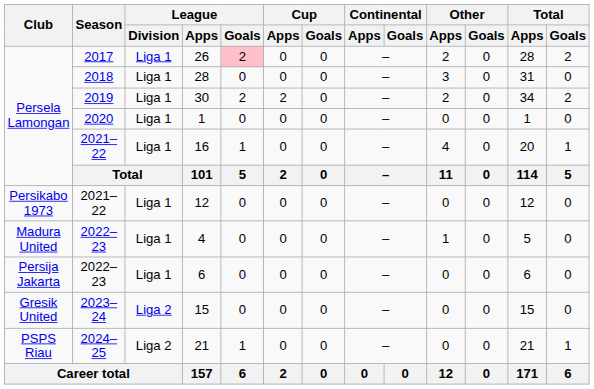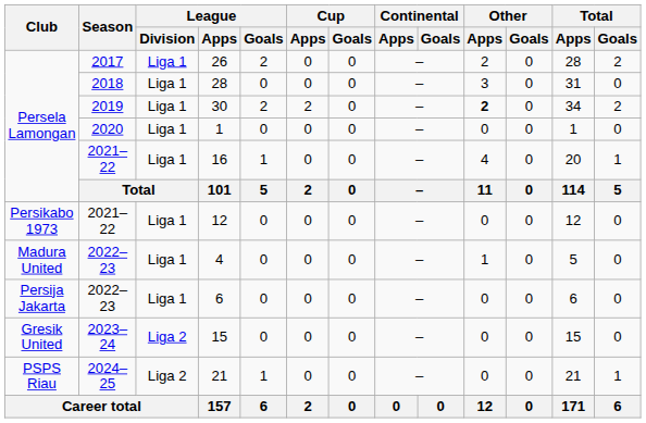 <table class="wikitable" style="text-align:center">
 <tr>
 <th rowspan="2">Club</th>
 <th rowspan="2">Season</th>
 <th colspan="3">League</th>
 <th colspan="2">Cup</th>
 <th colspan="2">Continental</th>
 <th colspan="2">Other</th>
 <th colspan="2">Total</th>
 </tr>
 <tr>
 <th>Division</th>
 <th>Apps</th>
 <th>Goals</th>
 <th>Apps</th>
 <th>Goals</th>
 <th>Apps</th>
 <th>Goals</th>
 <th>Apps</th>
 <th>Goals</th>
 <th>Apps</th>
 <th>Goals</th>
 </tr>
 <tr>
 <td rowspan="6" valign="center"><a href='#'>Persela Lamongan</a></td>
 <td><a href='#'>2017</a></td>
 <td rowspan="1" valign="center"><a href='#'>Liga 1</a></td>
 <td>26</td>
-<td style="background: pink;">2</td>
+<td>2</td>
 <td>0</td>
 <td>0</td>
 <td colspan="2">–</td>
 <td>2</td>
 <td>0</td>
 <td>28</td>
 <td>2</td>
 </tr>
 <tr>
 <td><a href='#'>2018</a></td>
 <td rowspan="1" valign="center">Liga 1</td>
 <td>28</td>
 <td>0</td>
 <td>0</td>
 <td>0</td>
 <td colspan="2">–</td>
 <td>3</td>
 <td>0</td>
 <td>31</td>
 <td>0</td>
 </tr>
 <tr>
 <td><a href='#'>2019</a></td>
 <td rowspan="1" valign="center">Liga 1</td>
 <td>30</td>
 <td>2</td>
 <td>2</td>
 <td>0</td>
 <td colspan="2">–</td>
-<td>2</td>
+<td><strong>2</strong></td>
 <td>0</td>
 <td>34</td>
 <td>2</td>
 </tr>
 <tr>
 <td><a href='#'>2020</a></td>
 <td rowspan="1" valign="center">Liga 1</td>
 <td>1</td>
 <td>0</td>
 <td>0</td>
 <td>0</td>
 <td colspan="2">–</td>
 <td>0</td>
 <td>0</td>
 <td>1</td>
 <td>0</td>
 </tr>
 <tr>
 <td><a href='#'>2021–22</a></td>
 <td rowspan="1" valign="center">Liga 1</td>
 <td>16</td>
 <td>1</td>
 <td>0</td>
 <td>0</td>
 <td colspan="2">–</td>
 <td>4</td>
 <td>0</td>
 <td>20</td>
 <td>1</td>
 </tr>
 <tr>
 <th colspan="2">Total</th>
 <th>101</th>
 <th>5</th>
 <th>2</th>
 <th>0</th>
 <th colspan="2">–</th>
 <th>11</th>
 <th>0</th>
 <th>114</th>
 <th>5</th>
 </tr>
 <tr>
 <td rowspan="1" valign="center"><a href='#'>Persikabo 1973</a></td>
 <td>2021–22</td>
 <td rowspan="1" valign="center">Liga 1</td>
 <td>12</td>
 <td>0</td>
 <td>0</td>
 <td>0</td>
 <td colspan="2">–</td>
 <td>0</td>
 <td>0</td>
 <td>12</td>
 <td>0</td>
 </tr>
 <tr>
 <td rowspan="1"><a href='#'>Madura United</a></td>
 <td><a href='#'>2022–23</a></td>
 <td rowspan="1">Liga 1</td>
 <td>4</td>
 <td>0</td>
 <td>0</td>
 <td>0</td>
 <td colspan="2">–</td>
 <td>1</td>
 <td>0</td>
 <td>5</td>
 <td>0</td>
 </tr>
 <tr>
 <td rowspan="1"><a href='#'>Persija Jakarta</a></td>
 <td>2022–23</td>
 <td rowspan="1" valign="center">Liga 1</td>
 <td>6</td>
 <td>0</td>
 <td>0</td>
 <td>0</td>
 <td colspan=2>–</td>
 <td>0</td>
 <td>0</td>
 <td>6</td>
 <td>0</td>
 </tr>
 <tr>
 <td rowspan="1"><a href='#'>Gresik United</a></td>
 <td><a href='#'>2023–24</a></td>
 <td rowspan="1"><a href='#'>Liga 2</a></td>
 <td>15</td>
 <td>0</td>
 <td>0</td>
 <td>0</td>
 <td colspan="2">–</td>
 <td>0</td>
 <td>0</td>
 <td>15</td>
 <td>0</td>
 </tr>
 <tr>
 <td rowspan="1"><a href='#'>PSPS Riau</a></td>
 <td><a href='#'>2024–25</a></td>
 <td rowspan="1">Liga 2</td>
 <td>21</td>
 <td>1</td>
 <td>0</td>
 <td>0</td>
 <td colspan="2">–</td>
 <td>0</td>
 <td>0</td>
 <td>21</td>
 <td>1</td>
 </tr>
 <tr>
 <th colspan="3">Career total</th>
 <th>157</th>
 <th>6</th>
 <th>2</th>
 <th>0</th>
 <th>0</th>
 <th>0</th>
 <th>12</th>
 <th>0</th>
 <th>171</th>
 <th>6</th>
 </tr>
 </table>
